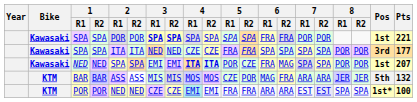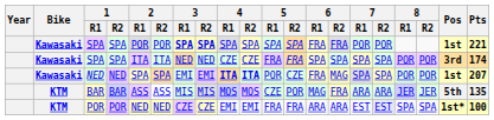 <table class="wikitable" style="text-align:center;">
 <tr>
 <th rowspan="2">Year</th>
 <th rowspan="2">Bike</th>
 <th colspan="2">1</th>
 <th colspan="2">2</th>
 <th colspan="2">3</th>
 <th colspan="2">4</th>
 <th colspan="2">5</th>
 <th colspan="2">6</th>
 <th colspan="2">7</th>
 <th colspan="2">8</th>
 <th rowspan="2">Pos</th>
 <th rowspan="2">Pts</th>
 </tr>
 <tr>
 <th>R1</th>
 <th>R2</th>
 <th>R1</th>
 <th>R2</th>
 <th>R1</th>
 <th>R2</th>
 <th>R1</th>
 <th>R2</th>
 <th>R1</th>
 <th>R2</th>
 <th>R1</th>
 <th>R2</th>
 <th>R1</th>
 <th>R2</th>
 <th>R1</th>
 <th>R2</th>
 </tr>
 <tr>
 <th></th>
 <th><a href='#'>Kawasaki</a></th>
 <td style="background:#efcfff;"><a href='#'>SPA</a><br></td>
 <td style="background:#dfffdf;"><a href='#'>SPA</a><br></td>
 <td style="background:#dfdfdf;"><a href='#'>POR</a><br></td>
 <td style="background:#dfffdf;"><a href='#'>POR</a><br></td>
 <td style="background:#ffffbf;"><strong><a href='#'>SPA</a></strong><br></td>
 <td style="background:#ffffbf;"><strong><a href='#'>SPA</a></strong><br></td>
 <td style="background:#dfdfdf;"><a href='#'>SPA</a><br></td>
 <td style="background:#ffffbf;"><a href='#'>SPA</a><br></td>
 <td style="background:#dfffdf;"><em><a href='#'>SPA</a></em><br></td>
 <td style="background:#ffdf9f;"><em><a href='#'>SPA</a></em><br></td>
 <td style="background:#ffffbf;"><a href='#'>FRA</a><br></td>
 <td style="background:#dfdfdf;"><a href='#'>FRA</a><br></td>
 <td style="background:#dfffdf;"><a href='#'>POR</a><br></td>
 <td style="background:#dfffdf;"><a href='#'>POR</a><br></td>
 <td></td>
 <td></td>
 <th style="background:#ffffbf;">1st</th>
 <th style="background:#ffffbf;">221</th>
 </tr>
 <tr>
 <th></th>
 <th><a href='#'>Kawasaki</a></th>
 <td style="background:#dfffdf;"><a href='#'>SPA</a><br></td>
 <td style="background:#dfffdf;"><a href='#'>SPA</a><br></td>
 <td style="background:#efcfff;"><a href='#'>ITA</a><br></td>
 <td style="background:#dfffdf;"><a href='#'>ITA</a><br></td>
 <td style="background:#ffdf9f;"><a href='#'>NED</a><br></td>
 <td style="background:#dfffdf;"><a href='#'>NED</a><br></td>
 <td style="background:#dfffdf;"><a href='#'>CZE</a><br></td>
 <td style="background:#ffffbf;"><a href='#'>CZE</a><br></td>
 <td style="background:#efcfff;"><a href='#'>FRA</a><br></td>
 <td style="background:#ffdf9f;"><em><a href='#'>FRA</a></em><br></td>
 <td style="background:#ffffbf;"><a href='#'>SPA</a><br></td>
 <td style="background:#dfffdf;"><a href='#'>SPA</a><br></td>
 <td style="background:#ffffbf;"><a href='#'>SPA</a><br></td>
 <td style="background:#dfffdf;"><a href='#'>SPA</a><br></td>
 <td style="background:#efcfff;"><a href='#'>POR</a><br></td>
 <td style="background:#efcfff;"><a href='#'>POR</a><br></td>
 <th style="background:#ffdf9f;">3rd</th>
-<th style="background:#ffdf9f;">177</th>
+<th style="background:#ffdf9f;">174</th>
 </tr>
 <tr>
 <th></th>
 <th><a href='#'>Kawasaki</a></th>
 <td style="background:#dfffdf;"><em><a href='#'>NED</a></em><br></td>
 <td style="background:#efcfff;"><a href='#'>NED</a><br></td>
 <td style="background:#ffffbf;"><a href='#'>SPA</a><br></td>
 <td style="background:#ffdf9f;"><a href='#'>SPA</a><br></td>
 <td style="background:#dfffdf;"><a href='#'>EMI</a><br></td>
 <td style="background:#efcfff;"><a href='#'>EMI</a><br></td>
 <td style="background:#ffdf9f;"><strong><a href='#'>ITA</a></strong><br></td>
 <td style="background:#dfffdf;"><strong><a href='#'>ITA</a></strong><br></td>
 <td style="background:#DFFFDF;"><a href='#'>POR</a><br></td>
 <td style="background:#dfffdf;"><a href='#'>CZE</a><br></td>
 <td style="background:#ffffbf;"><a href='#'>FRA</a><br></td>
 <td style="background:#FFFFBF;"><a href='#'>MAG</a><br></td>
 <td style="background:#dfdfdf;"><a href='#'>SPA</a><br></td>
 <td style="background:#ffffbf;"><a href='#'>SPA</a><br></td>
 <td style="background:#dfffdf;"><a href='#'>POR</a><br></td>
 <td style="background:#dfffdf;"><a href='#'>POR</a><br></td>
 <th style="background:#ffffbf;">1st</th>
 <th style="background:#ffffbf;">207</th>
 </tr>
 <tr>
 <th></th>
 <th><a href='#'>KTM</a></th>
 <td style="background:#FFFFBF;"><a href='#'>BAR</a><br></td>
 <td style="background:#CFCFFF;"><a href='#'>BAR</a><br></td>
 <td style="background:#EFCFFF;"><a href='#'>ASS</a><br></td>
 <td style="background:#FFFFFF;"><a href='#'>ASS</a><br></td>
 <td style="background:#DFFFDF;"><a href='#'>MIS</a><br></td>
 <td style="background:#DFDFDF;"><a href='#'>MIS</a><br></td>
 <td style="background:#CFCFFF;"><a href='#'>MOS</a><br></td>
 <td style="background:#EFCFFF;"><a href='#'>MOS</a><br></td>
 <td style="background:#dfffdf;"><a href='#'>CZE</a><br></td>
 <td style="background:#DFFFDF;"><a href='#'>POR</a><br></td>
 <td style="background:#DFFFDF;"><a href='#'>MAG</a><br></td>
 <td style="background:#ffffbf;"><a href='#'>FRA</a><br></td>
 <td style="background:#DFFFDF;"><a href='#'>ARA</a><br></td>
 <td style="background:#DFFFDF;"><a href='#'>ARA</a><br></td>
 <td style="background:#CFCFFF;"><a href='#'>JER</a><br></td>
 <td style="background:#DFFFDF;"><a href='#'>JER</a><br></td>
 <th>5th</th>
-<th>132</th>
+<th>135</th>
 </tr>
 <tr>
 <th></th>
 <th><a href='#'>KTM</a></th>
 <td style="background:#FFFFBF;"><a href='#'>POR</a><br></td>
 <td style="background:#EFCCFF;"><a href='#'>POR</a><br></td>
 <td style="background:#FFFFBF;"><a href='#'>NED</a> <br></td>
 <td style="background:#FFFFBF;"><a href='#'>NED</a> <br></td>
 <td style="background:#EFCCFF;"><a href='#'>CZE</a> <br></td>
 <td style="background:#FFFFBF;"><a href='#'>CZE</a> <br></td>
-<td style="background: paleturquoise;"><a href='#'>EMI</a></td>
+<td><a href='#'>EMI</a></td>
 <td><a href='#'>EMI</a></td>
 <td><a href='#'>FRA</a></td>
 <td><a href='#'>FRA</a></td>
 <td><a href='#'>ARA</a></td>
 <td><a href='#'>ARA</a></td>
 <td><a href='#'>EST</a></td>
 <td style="background: lavender;"><a href='#'>EST</a></td>
 <td><a href='#'>SPA</a></td>
 <td><a href='#'>SPA</a></td>
 <th style="background:#FFFFBF;">1st*</th>
 <th style="background:#FFFFBF;">100</th>
 </tr>
 </table>
